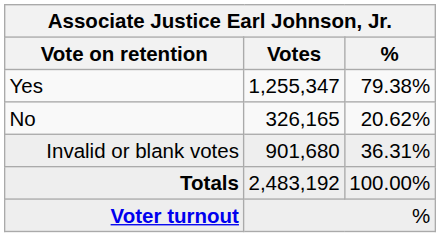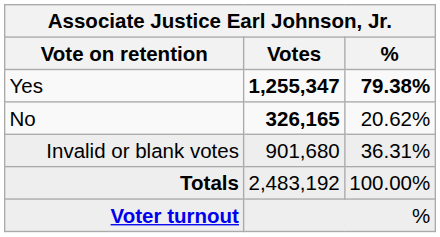 <table class="wikitable" style="font-size: 95%;">
 <tr style="background-color:#E9E9E9">
 <th colspan=7>Associate Justice Earl Johnson, Jr.</th>
 </tr>
 <tr style="background-color:#E9E9E9">
 <th style="width: 170px">Vote on retention</th>
 <th style="width: 50px">Votes</th>
 <th style="width: 40px">%</th>
 </tr>
 <tr>
 <td>Yes</td>
-<td align="right">1,255,347</td>
-<td align="right">79.38%</td>
+<td align="right"><strong>1,255,347</strong></td>
+<td align="right"><strong>79.38%</strong></td>
 </tr>
 <tr>
 <td>No</td>
-<td align="right">326,165</td>
+<td align="right"><strong>326,165</strong></td>
 <td align="right">20.62%</td>
 </tr>
 <tr style="background-color:#EEEEEE">
 <td align="right">Invalid or blank votes</td>
 <td align="right">901,680</td>
 <td align="right">36.31%</td>
 </tr>
 <tr style="background-color:#EEEEEE">
 <td colspan="1" align="right"><strong>Totals</strong></td>
 <td align="right">2,483,192</td>
 <td align="right">100.00%</td>
 </tr>
 <tr style="background-color:#EEEEEE">
 <td align="right"><strong><a href='#'>Voter turnout</a></strong></td>
 <td colspan="2" align="right">%</td>
 </tr>
 </table>
